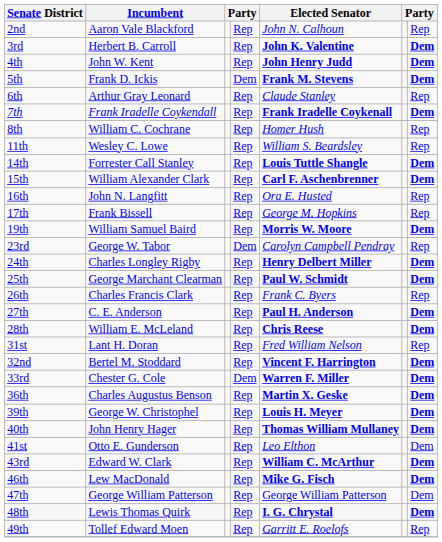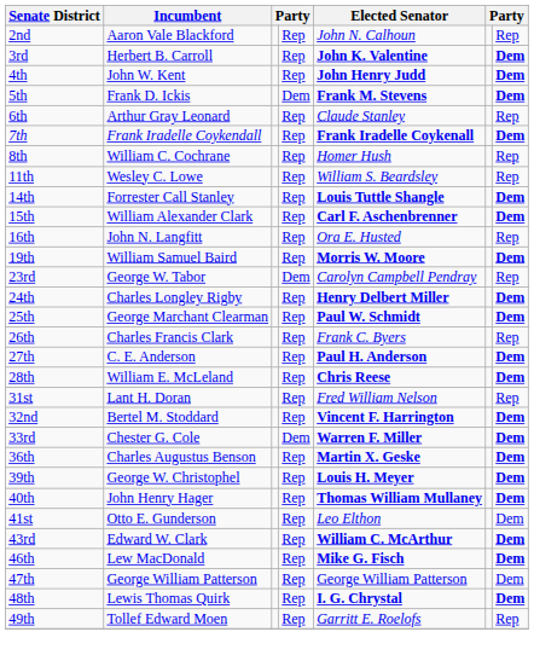 <table class="sortable wikitable" style="font-size:95%;line-height:14px;">
 <tr>
 <th class="unsortable"><a href='#'>Senate</a> District</th>
 <th class="unsortable"><a href='#'>Incumbent</a></th>
 <th colspan="2">Party</th>
 <th class="unsortable">Elected Senator</th>
 <th colspan="2">Party</th>
 </tr>
 <tr>
 <td><a href='#'>2nd</a></td>
 <td><a href='#'>Aaron Vale Blackford</a></td>
 <td style="background:"></td>
 <td><a href='#'>Rep</a></td>
 <td><em><a href='#'>John N. Calhoun</a></em></td>
 <td style="background:"></td>
 <td><a href='#'>Rep</a></td>
 </tr>
 <tr>
 <td><a href='#'>3rd</a></td>
 <td><a href='#'>Herbert B. Carroll</a></td>
 <td style="background:"></td>
 <td><a href='#'>Rep</a></td>
 <td><strong><a href='#'>John K. Valentine</a></strong></td>
 <td style="background:"></td>
 <td><strong><a href='#'>Dem</a></strong></td>
 </tr>
 <tr>
 <td><a href='#'>4th</a></td>
 <td><a href='#'>John W. Kent</a></td>
 <td style="background:"></td>
 <td><a href='#'>Rep</a></td>
 <td><strong><a href='#'>John Henry Judd</a></strong></td>
 <td style="background:"></td>
 <td><strong><a href='#'>Dem</a></strong></td>
 </tr>
 <tr>
 <td><a href='#'>5th</a></td>
 <td><a href='#'>Frank D. Ickis</a></td>
 <td style="background:"></td>
 <td><a href='#'>Dem</a></td>
 <td><strong><a href='#'>Frank M. Stevens</a></strong></td>
 <td style="background:"></td>
 <td><strong><a href='#'>Dem</a></strong></td>
 </tr>
 <tr>
 <td><a href='#'>6th</a></td>
 <td><a href='#'>Arthur Gray Leonard</a></td>
 <td style="background:"></td>
 <td><a href='#'>Rep</a></td>
 <td><em><a href='#'>Claude Stanley</a></em></td>
 <td style="background:"></td>
 <td><a href='#'>Rep</a></td>
 </tr>
 <tr>
 <td><em><a href='#'>7th</a></em></td>
 <td><em><a href='#'>Frank Iradelle Coykendall</a></em></td>
 <td style="background:"></td>
 <td><a href='#'>Rep</a></td>
 <td><strong><a href='#'>Frank Iradelle Coykenall</a></strong></td>
 <td style="background:"></td>
 <td><strong><a href='#'>Dem</a></strong></td>
 </tr>
 <tr>
 <td><a href='#'>8th</a></td>
 <td><a href='#'>William C. Cochrane</a></td>
 <td style="background:"></td>
 <td><a href='#'>Rep</a></td>
 <td><em><a href='#'>Homer Hush</a></em></td>
 <td style="background:"></td>
 <td><a href='#'>Rep</a></td>
 </tr>
 <tr>
 <td><a href='#'>11th</a></td>
 <td><a href='#'>Wesley C. Lowe</a></td>
 <td style="background:"></td>
 <td><a href='#'>Rep</a></td>
 <td><em><a href='#'>William S. Beardsley</a></em></td>
 <td style="background:"></td>
 <td><a href='#'>Rep</a></td>
 </tr>
 <tr>
 <td><a href='#'>14th</a></td>
 <td><a href='#'>Forrester Call Stanley</a></td>
 <td style="background:"></td>
 <td><a href='#'>Rep</a></td>
 <td><strong><a href='#'>Louis Tuttle Shangle</a></strong></td>
 <td style="background:"></td>
 <td><strong><a href='#'>Dem</a></strong></td>
 </tr>
 <tr>
 <td><a href='#'>15th</a></td>
 <td><a href='#'>William Alexander Clark</a></td>
 <td style="background:"></td>
 <td><a href='#'>Rep</a></td>
 <td><strong><a href='#'>Carl F. Aschenbrenner</a></strong></td>
 <td style="background:"></td>
 <td><strong><a href='#'>Dem</a></strong></td>
 </tr>
 <tr>
 <td><a href='#'>16th</a></td>
 <td><a href='#'>John N. Langfitt</a></td>
 <td style="background:"></td>
 <td><a href='#'>Rep</a></td>
 <td><em><a href='#'>Ora E. Husted</a></em></td>
-<td style="background:"></td>
-<td><a href='#'>Rep</a></td>
-</tr>
-<tr>
-<td><a href='#'>17th</a></td>
-<td><a href='#'>Frank Bissell</a></td>
-<td style="background:"></td>
-<td><a href='#'>Rep</a></td>
-<td><em><a href='#'>George M. Hopkins</a></em></td>
 <td style="background:"></td>
 <td><a href='#'>Rep</a></td>
 </tr>
 <tr>
 <td><a href='#'>19th</a></td>
 <td><a href='#'>William Samuel Baird</a></td>
 <td style="background:"></td>
 <td><a href='#'>Rep</a></td>
 <td><strong><a href='#'>Morris W. Moore</a></strong></td>
 <td style="background:"></td>
 <td><strong><a href='#'>Dem</a></strong></td>
 </tr>
 <tr>
 <td><a href='#'>23rd</a></td>
 <td><a href='#'>George W. Tabor</a></td>
 <td style="background:"></td>
 <td><a href='#'>Dem</a></td>
 <td><em><a href='#'>Carolyn Campbell Pendray</a></em></td>
 <td style="background:"></td>
 <td><a href='#'>Rep</a></td>
 </tr>
 <tr>
 <td><a href='#'>24th</a></td>
 <td><a href='#'>Charles Longley Rigby</a></td>
 <td style="background:"></td>
 <td><a href='#'>Rep</a></td>
 <td><strong><a href='#'>Henry Delbert Miller</a></strong></td>
 <td style="background:"></td>
 <td><strong><a href='#'>Dem</a></strong></td>
 </tr>
 <tr>
 <td><a href='#'>25th</a></td>
 <td><a href='#'>George Marchant Clearman</a></td>
 <td style="background:"></td>
 <td><a href='#'>Rep</a></td>
 <td><strong><a href='#'>Paul W. Schmidt</a></strong></td>
 <td style="background:"></td>
 <td><strong><a href='#'>Dem</a></strong></td>
 </tr>
 <tr>
 <td><a href='#'>26th</a></td>
 <td><a href='#'>Charles Francis Clark</a></td>
 <td style="background:"></td>
 <td><a href='#'>Rep</a></td>
 <td><em><a href='#'>Frank C. Byers</a></em></td>
 <td style="background:"></td>
 <td><a href='#'>Rep</a></td>
 </tr>
 <tr>
 <td><a href='#'>27th</a></td>
 <td><a href='#'>C. E. Anderson</a></td>
 <td style="background:"></td>
 <td><a href='#'>Rep</a></td>
 <td><strong><a href='#'>Paul H. Anderson</a></strong></td>
 <td style="background:"></td>
 <td><strong><a href='#'>Dem</a></strong></td>
 </tr>
 <tr>
 <td><a href='#'>28th</a></td>
 <td><a href='#'>William E. McLeland</a></td>
 <td style="background:"></td>
 <td><a href='#'>Rep</a></td>
 <td><strong><a href='#'>Chris Reese</a></strong></td>
 <td style="background:"></td>
 <td><strong><a href='#'>Dem</a></strong></td>
 </tr>
 <tr>
 <td><a href='#'>31st</a></td>
 <td><a href='#'>Lant H. Doran</a></td>
 <td style="background:"></td>
 <td><a href='#'>Rep</a></td>
 <td><em><a href='#'>Fred William Nelson</a></em></td>
 <td style="background:"></td>
 <td><a href='#'>Rep</a></td>
 </tr>
 <tr>
 <td><a href='#'>32nd</a></td>
 <td><a href='#'>Bertel M. Stoddard</a></td>
 <td style="background:"></td>
 <td><a href='#'>Rep</a></td>
 <td><strong><a href='#'>Vincent F. Harrington</a></strong></td>
 <td style="background:"></td>
 <td><strong><a href='#'>Dem</a></strong></td>
 </tr>
 <tr>
 <td><a href='#'>33rd</a></td>
 <td><a href='#'>Chester G. Cole</a></td>
 <td style="background:"></td>
 <td><a href='#'>Dem</a></td>
 <td><strong><a href='#'>Warren F. Miller</a></strong></td>
 <td style="background:"></td>
 <td><strong><a href='#'>Dem</a></strong></td>
 </tr>
 <tr>
 <td><a href='#'>36th</a></td>
 <td><a href='#'>Charles Augustus Benson</a></td>
 <td style="background:"></td>
 <td><a href='#'>Rep</a></td>
 <td><strong><a href='#'>Martin X. Geske</a></strong></td>
 <td style="background:"></td>
 <td><strong><a href='#'>Dem</a></strong></td>
 </tr>
 <tr>
 <td><a href='#'>39th</a></td>
 <td><a href='#'>George W. Christophel</a></td>
 <td style="background:"></td>
 <td><a href='#'>Rep</a></td>
 <td><strong><a href='#'>Louis H. Meyer</a></strong></td>
 <td style="background:"></td>
 <td><strong><a href='#'>Dem</a></strong></td>
 </tr>
 <tr>
 <td><a href='#'>40th</a></td>
 <td><a href='#'>John Henry Hager</a></td>
 <td style="background:"></td>
 <td><a href='#'>Rep</a></td>
 <td><strong><a href='#'>Thomas William Mullaney</a></strong></td>
 <td style="background:"></td>
 <td><strong><a href='#'>Dem</a></strong></td>
 </tr>
 <tr>
 <td><a href='#'>41st</a></td>
 <td><a href='#'>Otto E. Gunderson</a></td>
 <td style="background:"></td>
 <td><a href='#'>Rep</a></td>
 <td><em><a href='#'>Leo Elthon</a></em></td>
 <td style="background:"></td>
 <td><a href='#'>Dem</a></td>
 </tr>
 <tr>
 <td><a href='#'>43rd</a></td>
 <td><a href='#'>Edward W. Clark</a></td>
 <td style="background:"></td>
 <td><a href='#'>Rep</a></td>
 <td><strong><a href='#'>William C. McArthur</a></strong></td>
 <td style="background:"></td>
 <td><strong><a href='#'>Dem</a></strong></td>
 </tr>
 <tr>
 <td><a href='#'>46th</a></td>
 <td><a href='#'>Lew MacDonald</a></td>
 <td style="background:"></td>
 <td><a href='#'>Rep</a></td>
 <td><strong><a href='#'>Mike G. Fisch</a></strong></td>
 <td style="background:"></td>
 <td><strong><a href='#'>Dem</a></strong></td>
 </tr>
 <tr>
 <td><a href='#'>47th</a></td>
 <td><a href='#'>George William Patterson</a></td>
 <td style="background:"></td>
 <td><a href='#'>Rep</a></td>
 <td><a href='#'>George William Patterson</a></td>
 <td style="background:"></td>
 <td><a href='#'>Dem</a></td>
 </tr>
 <tr>
 <td><a href='#'>48th</a></td>
 <td><a href='#'>Lewis Thomas Quirk</a></td>
 <td style="background:"></td>
 <td><a href='#'>Rep</a></td>
 <td><strong><a href='#'>I. G. Chrystal</a></strong></td>
 <td style="background:"></td>
 <td><strong><a href='#'>Dem</a></strong></td>
 </tr>
 <tr>
 <td><a href='#'>49th</a></td>
 <td><a href='#'>Tollef Edward Moen</a></td>
 <td style="background:"></td>
 <td><a href='#'>Rep</a></td>
 <td><em><a href='#'>Garritt E. Roelofs</a></em></td>
 <td style="background:"></td>
 <td><a href='#'>Rep</a></td>
 </tr>
 <tr>
 </tr>
 </table>
